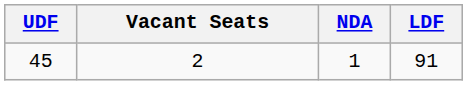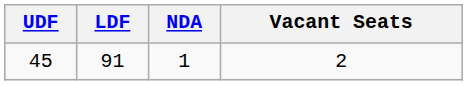 <table class="wikitable" style="text-align:center; width:300px; height:50px">
 <tr>
 <th><a href='#'>UDF</a></th>
+<th><a href='#'>LDF</a></th>
+<th><a href='#'>NDA</a></th>
 <th>Vacant Seats</th>
-<th><a href='#'>NDA</a></th>
-<th><a href='#'>LDF</a></th>
 </tr>
 <tr>
 <td style="background:">45</td>
+<td style="background:">91</td>
+<td style="background:">1</td>
 <td>2</td>
-<td style="background:">1</td>
-<td style="background:">91</td>
 </tr>
 </table>
